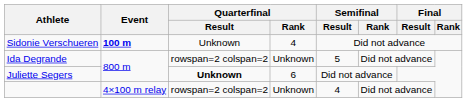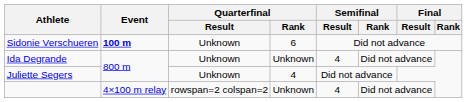 <table class=wikitable style=font-size:90%;text-align:center>
 <tr>
 <th rowspan=2>Athlete</th>
 <th rowspan=2>Event</th>
 <th colspan=2>Quarterfinal</th>
 <th colspan=2>Semifinal</th>
 <th colspan=2>Final</th>
 </tr>
 <tr style=font-size:95%>
 <th>Result</th>
 <th>Rank</th>
 <th>Result</th>
 <th>Rank</th>
 <th>Result</th>
 <th>Rank</th>
 </tr>
 <tr>
 <td align=left><a href='#'>Sidonie Verschueren</a></td>
 <td align=left><strong><a href='#'>100 m</a></strong></td>
 <td>Unknown</td>
-<td>4</td>
+<td>6</td>
 <td colspan=4>Did not advance</td>
 </tr>
 <tr>
 <td align=left><a href='#'>Ida Degrande</a></td>
 <td rowspan=2 align=left><a href='#'>800 m</a></td>
-<td>rowspan=2 colspan=2 </td>
 <td>Unknown</td>
-<td>5</td>
+<td>Unknown</td>
+<td>4</td>
 <td colspan=2>Did not advance</td>
 </tr>
 <tr>
 <td align=left><a href='#'>Juliette Segers</a></td>
-<td><strong>Unknown</strong></td>
-<td>6</td>
+<td>Unknown</td>
+<td>4</td>
 <td colspan=2>Did not advance</td>
 </tr>
 <tr>
 <td align=left></td>
 <td rowspan=2 align=left><a href='#'>4×100 m relay</a></td>
 <td>rowspan=2 colspan=2 </td>
 <td>Unknown</td>
 <td>4</td>
 <td colspan=2>Did not advance</td>
 </tr>
 </table>
